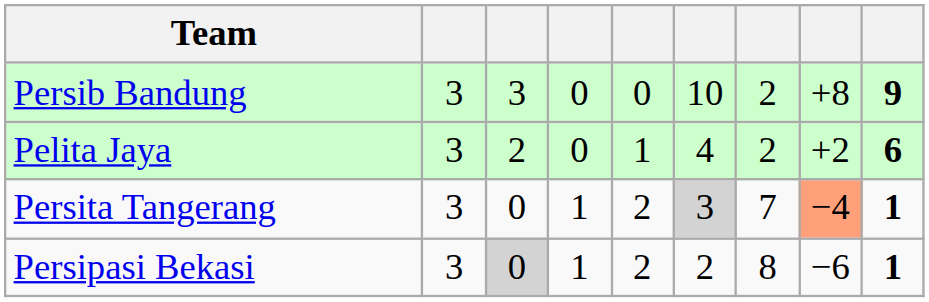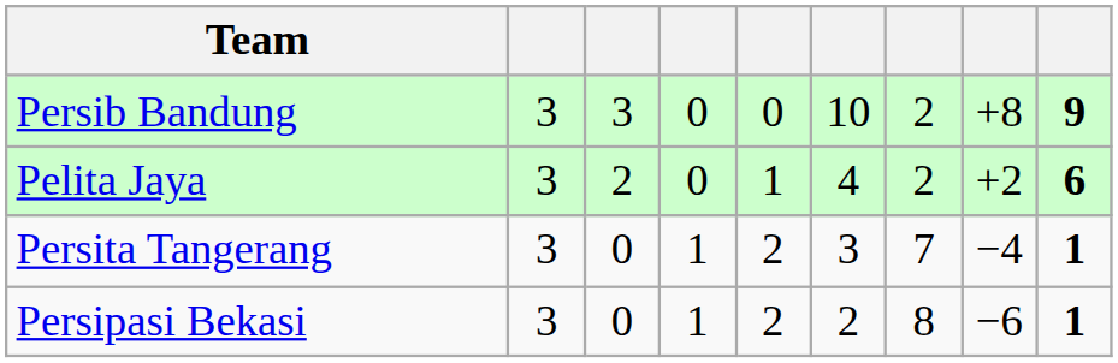 <table class="wikitable" style="text-align:center">
 <tr>
 <th style="width:175px;">Team</th>
 <th width="20"></th>
 <th width="20"></th>
 <th width="20"></th>
 <th width="20"></th>
 <th width="20"></th>
 <th width="20"></th>
 <th width="20"></th>
 <th width="20"></th>
 </tr>
 <tr style="background:#cfc;">
 <td align=left><a href='#'>Persib Bandung</a></td>
 <td>3</td>
 <td>3</td>
 <td>0</td>
 <td>0</td>
 <td>10</td>
 <td>2</td>
 <td>+8</td>
 <td><strong>9</strong></td>
 </tr>
 <tr style="background:#cfc;">
 <td align=left><a href='#'>Pelita Jaya</a></td>
 <td>3</td>
 <td>2</td>
 <td>0</td>
 <td>1</td>
 <td>4</td>
 <td>2</td>
 <td>+2</td>
 <td><strong>6</strong></td>
 </tr>
 <tr>
 <td align=left><a href='#'>Persita Tangerang</a></td>
 <td>3</td>
 <td>0</td>
 <td>1</td>
 <td>2</td>
-<td style="background: lightgrey;">3</td>
+<td>3</td>
 <td>7</td>
-<td style="background: lightsalmon;">−4</td>
+<td>−4</td>
 <td><strong>1</strong></td>
 </tr>
 <tr>
 <td align=left><a href='#'>Persipasi Bekasi</a></td>
 <td>3</td>
-<td style="background: lightgrey;">0</td>
+<td>0</td>
 <td>1</td>
 <td>2</td>
 <td>2</td>
 <td>8</td>
 <td>−6</td>
 <td><strong>1</strong></td>
 </tr>
 </table>
